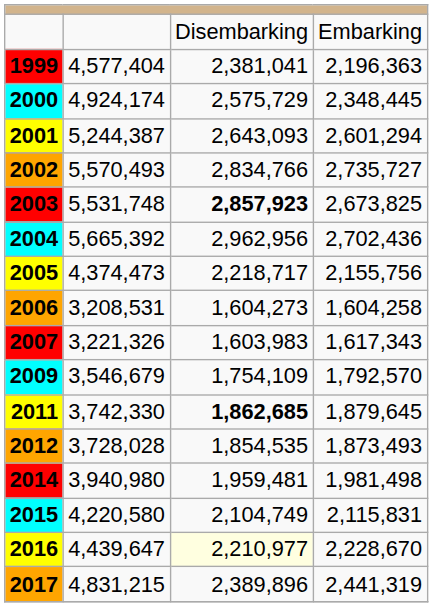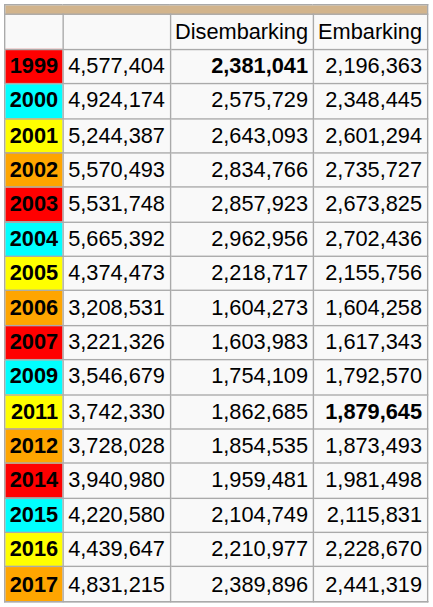 <table class="wikitable" padding="2px" style="text-align:right; ">
 <tr>
 <td colspan="11" bgcolor="tan"></td>
 </tr>
 <tr>
 <td></td>
 <td></td>
 <td>Disembarking</td>
 <td>Embarking</td>
 </tr>
 <tr>
 <td bgcolor="red"><strong>1999</strong></td>
 <td>4,577,404</td>
-<td>2,381,041</td>
+<td><strong>2,381,041</strong></td>
 <td>2,196,363</td>
 </tr>
 <tr>
 <td bgcolor="aqua"><strong>2000</strong></td>
 <td>4,924,174</td>
 <td>2,575,729</td>
 <td>2,348,445</td>
 </tr>
 <tr>
 <td bgcolor="yellow"><strong>2001</strong></td>
 <td>5,244,387</td>
 <td>2,643,093</td>
 <td>2,601,294</td>
 </tr>
 <tr>
 <td bgcolor="orange"><strong>2002</strong></td>
 <td>5,570,493</td>
 <td>2,834,766</td>
 <td>2,735,727</td>
 </tr>
 <tr>
 <td bgcolor="red"><strong>2003</strong></td>
 <td>5,531,748</td>
-<td><strong>2,857,923</strong></td>
+<td>2,857,923</td>
 <td>2,673,825</td>
 </tr>
 <tr>
 <td bgcolor="aqua"><strong>2004</strong></td>
 <td>5,665,392</td>
 <td>2,962,956</td>
 <td>2,702,436</td>
 </tr>
 <tr>
 <td bgcolor="yellow"><strong>2005</strong></td>
 <td>4,374,473</td>
 <td>2,218,717</td>
 <td>2,155,756</td>
 </tr>
 <tr>
 <td bgcolor="orange"><strong>2006</strong></td>
 <td>3,208,531</td>
 <td>1,604,273</td>
 <td>1,604,258</td>
 </tr>
 <tr>
 <td bgcolor="red"><strong>2007</strong></td>
 <td>3,221,326</td>
 <td>1,603,983</td>
 <td>1,617,343</td>
 </tr>
 <tr>
 <td bgcolor="aqua"><strong>2009</strong></td>
 <td>3,546,679</td>
 <td>1,754,109</td>
 <td>1,792,570</td>
 </tr>
 <tr>
 <td bgcolor="yellow"><strong>2011</strong></td>
 <td>3,742,330</td>
-<td><strong>1,862,685</strong></td>
-<td>1,879,645</td>
+<td>1,862,685</td>
+<td><strong>1,879,645</strong></td>
 </tr>
 <tr>
 <td bgcolor="orange"><strong>2012</strong></td>
 <td>3,728,028</td>
 <td>1,854,535</td>
 <td>1,873,493</td>
 </tr>
 <tr>
 <td bgcolor="red"><strong>2014</strong></td>
 <td>3,940,980</td>
 <td>1,959,481</td>
 <td>1,981,498</td>
 </tr>
 <tr>
 <td bgcolor="aqua"><strong>2015</strong></td>
 <td>4,220,580</td>
 <td>2,104,749</td>
 <td>2,115,831</td>
 </tr>
 <tr>
 <td bgcolor="yellow"><strong>2016</strong></td>
 <td>4,439,647</td>
-<td style="background: lightyellow;">2,210,977</td>
+<td>2,210,977</td>
 <td>2,228,670</td>
 </tr>
 <tr>
 <td bgcolor="orange"><strong>2017</strong></td>
 <td>4,831,215</td>
 <td>2,389,896</td>
 <td>2,441,319</td>
 </tr>
 <tr>
 </tr>
 </table>
